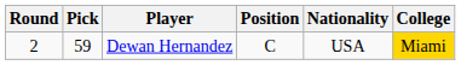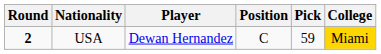 <table class="wikitable sortable sortable">
 <tr>
 <th>Round</th>
-<th>Pick</th>
+<th>Nationality</th>
 <th>Player</th>
 <th>Position</th>
-<th>Nationality</th>
+<th>Pick</th>
 <th>College</th>
 </tr>
 <tr style="text-align: center">
-<td>2</td>
-<td>59</td>
+<td><strong>2</strong></td>
+<td>USA</td>
 <td><a href='#'>Dewan Hernandez</a></td>
 <td>C</td>
-<td>USA</td>
+<td>59</td>
 <td style="background: gold;">Miami</td>
 </tr>
 </table>
